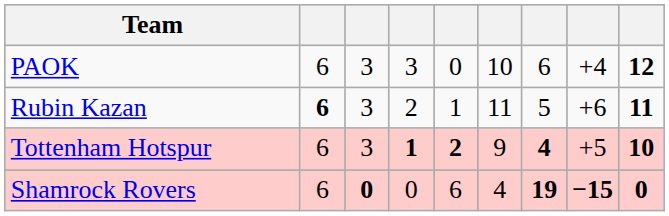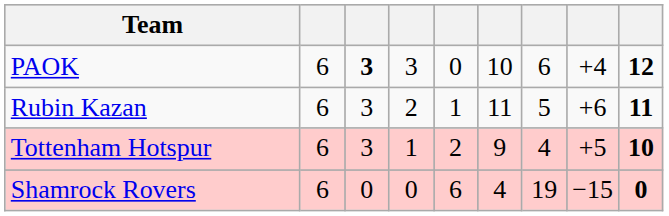 <table class="wikitable" style="text-align:center">
 <tr>
 <th width="175">Team</th>
 <th width="20"></th>
 <th width="20"></th>
 <th width="20"></th>
 <th width="20"></th>
 <th width="20"></th>
 <th width="20"></th>
 <th width="20"></th>
 <th width="20"></th>
 </tr>
 <tr bgcolor=>
 <td align=left> <a href='#'>PAOK</a></td>
 <td>6</td>
-<td>3</td>
+<td><strong>3</strong></td>
 <td>3</td>
 <td>0</td>
 <td>10</td>
 <td>6</td>
 <td>+4</td>
 <td><strong>12</strong></td>
 </tr>
 <tr bgcolor=>
 <td align=left> <a href='#'>Rubin Kazan</a></td>
-<td><strong>6</strong></td>
+<td>6</td>
 <td>3</td>
 <td>2</td>
 <td>1</td>
 <td>11</td>
 <td>5</td>
 <td>+6</td>
 <td><strong>11</strong></td>
 </tr>
 <tr bgcolor="#ffcccc">
 <td align=left> <a href='#'>Tottenham Hotspur</a></td>
 <td>6</td>
 <td>3</td>
-<td><strong>1</strong></td>
-<td><strong>2</strong></td>
+<td>1</td>
+<td>2</td>
 <td>9</td>
-<td><strong>4</strong></td>
+<td>4</td>
 <td>+5</td>
 <td><strong>10</strong></td>
 </tr>
 <tr bgcolor="#ffcccc">
 <td align=left> <a href='#'>Shamrock Rovers</a></td>
 <td>6</td>
-<td><strong>0</strong></td>
+<td>0</td>
 <td>0</td>
 <td>6</td>
 <td>4</td>
-<td><strong>19</strong></td>
-<td><strong>−15</strong></td>
+<td>19</td>
+<td>−15</td>
 <td><strong>0</strong></td>
 </tr>
 </table>
